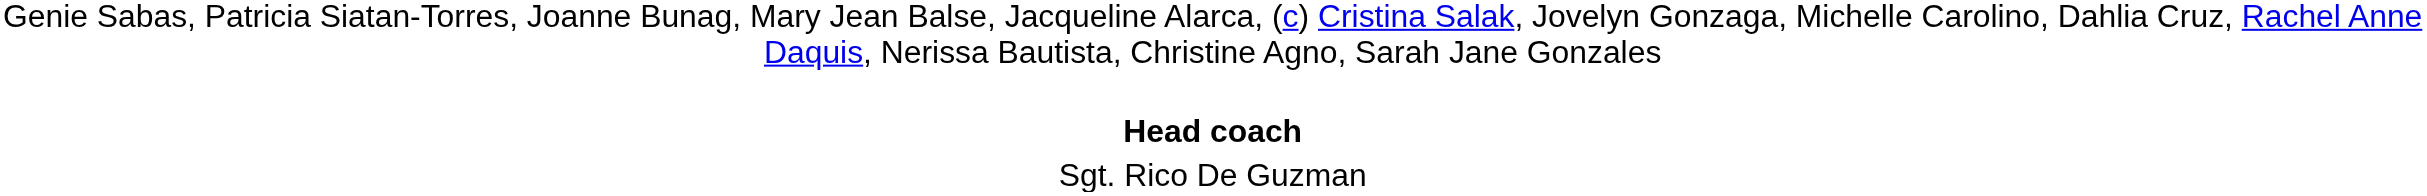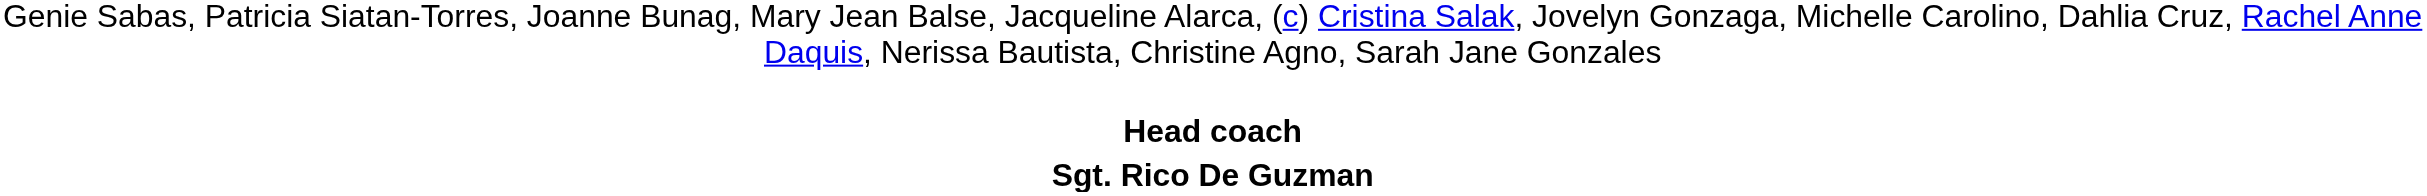 <table style="text-align: center; margin-top: 2em; margin-left: auto; margin-right: auto">
 <tr>
 <td>Genie Sabas, Patricia Siatan-Torres, Joanne Bunag, Mary Jean Balse, Jacqueline Alarca, (<a href='#'>c</a>) <a href='#'>Cristina Salak</a>, Jovelyn Gonzaga, Michelle Carolino, Dahlia Cruz, <a href='#'>Rachel Anne Daquis</a>, Nerissa Bautista, Christine Agno, Sarah Jane Gonzales</td>
 </tr>
 <tr>
 <td><br><strong>Head coach</strong></td>
 </tr>
 <tr>
-<td>Sgt. Rico De Guzman</td>
+<td><strong>Sgt. Rico De Guzman</strong></td>
 </tr>
 </table>
